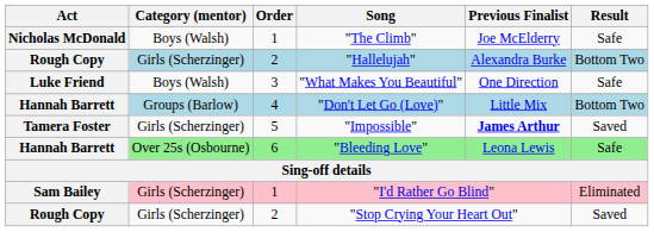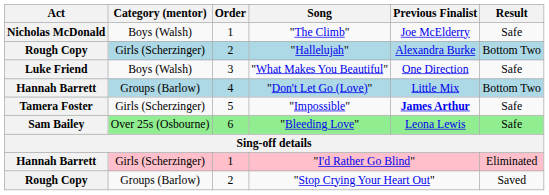 <table class="wikitable plainrowheaders" style="text-align:center;">
 <tr>
 <th scope="col">Act</th>
 <th scope="col">Category (mentor)</th>
 <th scope="col">Order</th>
 <th scope="col">Song</th>
 <th scope="col">Previous Finalist</th>
 <th scope="col">Result</th>
 </tr>
 <tr>
 <th scope="row">Nicholas McDonald</th>
 <td>Boys (Walsh)</td>
 <td>1</td>
 <td>"<a href='#'>The Climb</a>"</td>
 <td><a href='#'>Joe McElderry</a></td>
 <td>Safe</td>
 </tr>
 <tr style="background:lightblue;">
 <th scope="row">Rough Copy</th>
 <td>Girls (Scherzinger)</td>
 <td>2</td>
 <td>"<a href='#'>Hallelujah</a>"</td>
 <td><a href='#'>Alexandra Burke</a></td>
 <td>Bottom Two</td>
 </tr>
 <tr>
 <th scope="row">Luke Friend</th>
 <td>Boys (Walsh)</td>
 <td>3</td>
 <td>"<a href='#'>What Makes You Beautiful</a>"</td>
 <td><a href='#'>One Direction</a></td>
 <td>Safe</td>
 </tr>
 <tr style="background:lightblue;">
 <th scope="row">Hannah Barrett</th>
 <td>Groups (Barlow)</td>
 <td>4</td>
 <td>"<a href='#'>Don't Let Go (Love)</a>"</td>
 <td><a href='#'>Little Mix</a></td>
 <td>Bottom Two</td>
 </tr>
 <tr>
 <th scope="row">Tamera Foster</th>
 <td>Girls (Scherzinger)</td>
 <td>5</td>
 <td>"<a href='#'>Impossible</a>"</td>
 <td><strong><a href='#'>James Arthur</a></strong></td>
-<td>Saved</td>
+<td>Safe</td>
 </tr>
 <tr style="background:lightgreen;">
-<th scope="row">Hannah Barrett</th>
+<th scope="row">Sam Bailey</th>
 <td>Over 25s (Osbourne)</td>
 <td>6</td>
 <td>"<a href='#'>Bleeding Love</a>"</td>
 <td><a href='#'>Leona Lewis</a></td>
 <td>Safe</td>
 </tr>
 <tr>
 <th colspan="6">Sing-off details</th>
 </tr>
 <tr style="background:pink;">
-<th scope="row">Sam Bailey</th>
+<th scope="row">Hannah Barrett</th>
 <td>Girls (Scherzinger)</td>
 <td>1</td>
 <td colspan="2">"<a href='#'>I'd Rather Go Blind</a>"</td>
 <td>Eliminated</td>
 </tr>
 <tr>
 <th scope="row">Rough Copy</th>
-<td>Girls (Scherzinger)</td>
+<td>Groups (Barlow)</td>
 <td>2</td>
 <td colspan="2">"<a href='#'>Stop Crying Your Heart Out</a>"</td>
 <td>Saved</td>
 </tr>
 </table>
